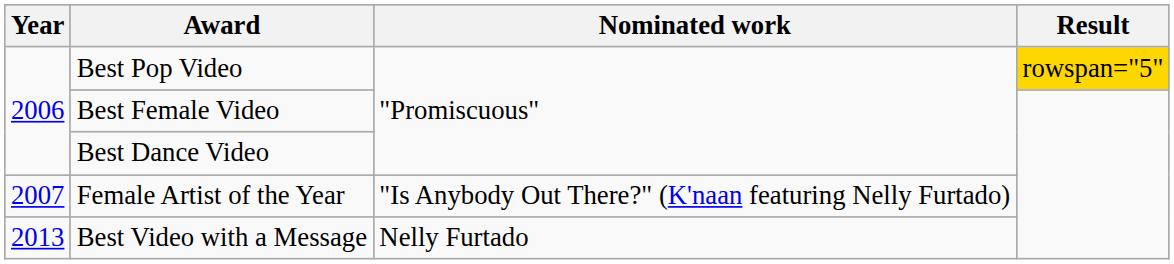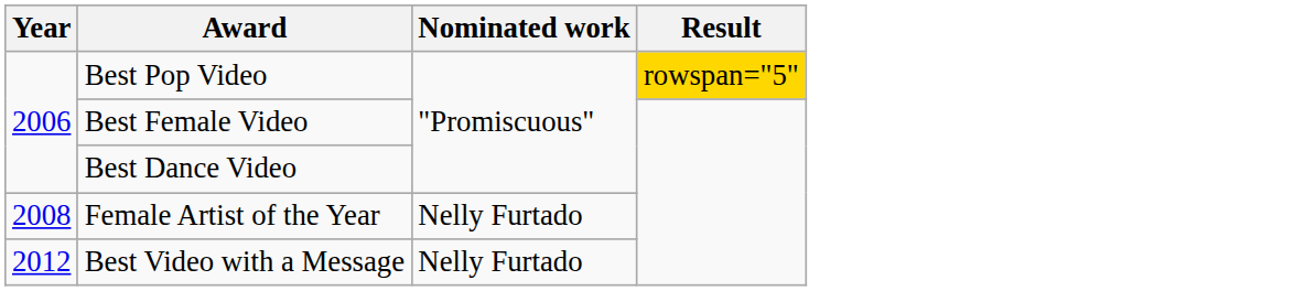 <table class="wikitable">
 <tr>
 <th>Year</th>
 <th>Award</th>
 <th>Nominated work</th>
 <th>Result</th>
 </tr>
 <tr>
 <td rowspan="3"><a href='#'>2006</a></td>
 <td>Best Pop Video</td>
 <td rowspan="3">"Promiscuous"</td>
 <td style="background: gold;">rowspan="5" </td>
 </tr>
 <tr>
 <td>Best Female Video</td>
 </tr>
 <tr>
 <td>Best Dance Video</td>
 </tr>
 <tr>
-<td><a href='#'>2007</a></td>
+<td><a href='#'>2008</a></td>
 <td>Female Artist of the Year</td>
-<td>"Is Anybody Out There?" (<a href='#'>K'naan</a> featuring Nelly Furtado)</td>
+<td>Nelly Furtado</td>
 </tr>
 <tr>
-<td><a href='#'>2013</a></td>
+<td><a href='#'>2012</a></td>
 <td>Best Video with a Message</td>
 <td>Nelly Furtado</td>
 </tr>
 </table>
